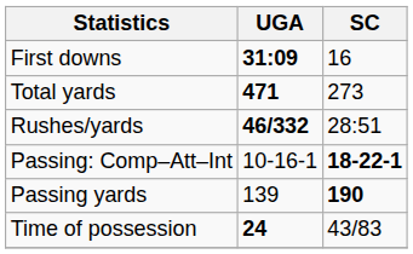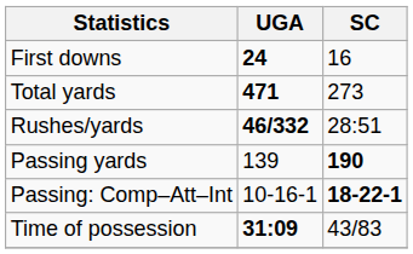 <table class="wikitable" style="float: left;">
 <tr>
 <th>Statistics</th>
 <th>UGA</th>
 <th>SC</th>
 </tr>
 <tr>
 <td>First downs</td>
-<td><strong>31:09</strong></td>
+<td><strong>24</strong></td>
 <td>16</td>
 </tr>
 <tr>
 <td>Total yards</td>
 <td><strong>471</strong></td>
 <td>273</td>
 </tr>
 <tr>
 <td>Rushes/yards</td>
 <td><strong>46/332</strong></td>
 <td>28:51</td>
 </tr>
 <tr>
+<td>Passing yards</td>
+<td>139</td>
+<td><strong>190</strong></td>
+</tr>
+<tr>
 <td>Passing: Comp–Att–Int</td>
 <td>10-16-1</td>
 <td><strong>18-22-1</strong></td>
 </tr>
 <tr>
-<td>Passing yards</td>
-<td>139</td>
-<td><strong>190</strong></td>
-</tr>
-<tr>
 <td>Time of possession</td>
-<td><strong>24</strong></td>
+<td><strong>31:09</strong></td>
 <td>43/83</td>
 </tr>
 <tr>
 </tr>
 </table>
